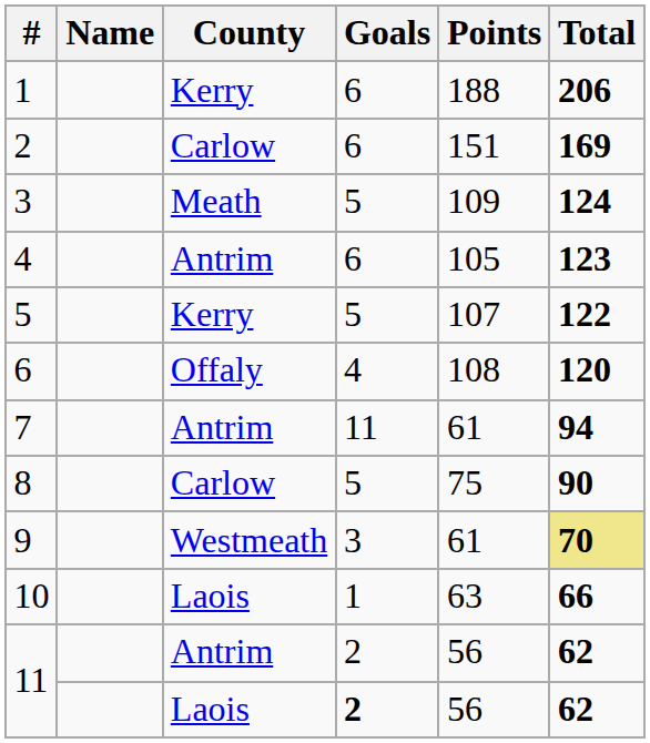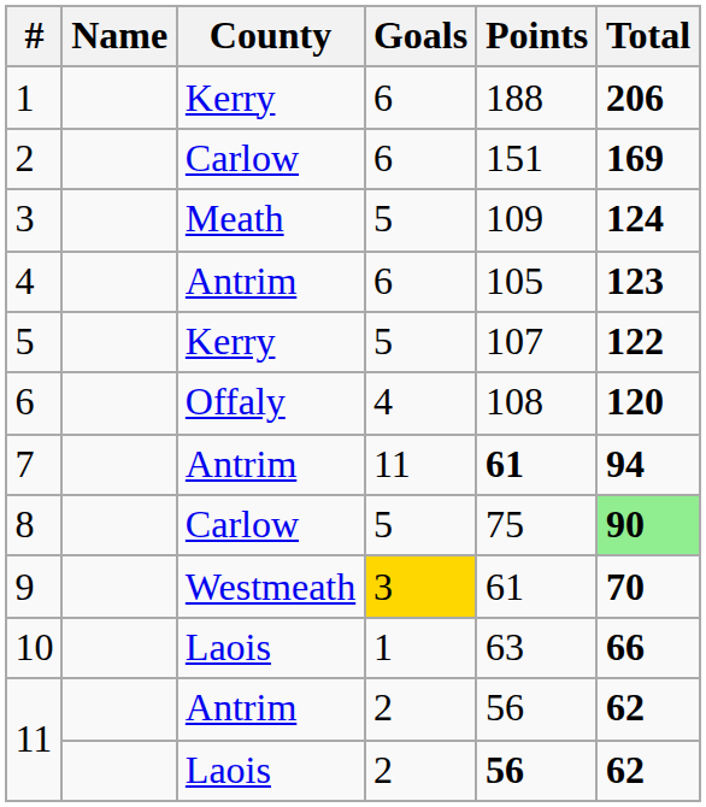 <table class="wikitable sortable">
 <tr>
 <th>#</th>
 <th>Name</th>
 <th>County</th>
 <th>Goals</th>
 <th>Points</th>
 <th>Total</th>
 </tr>
 <tr>
 <td>1</td>
 <td> </td>
 <td><a href='#'>Kerry</a></td>
 <td>6</td>
 <td>188</td>
 <td><strong>206</strong></td>
 </tr>
 <tr>
 <td>2</td>
 <td> </td>
 <td><a href='#'>Carlow</a></td>
 <td>6</td>
 <td>151</td>
 <td><strong>169</strong></td>
 </tr>
 <tr>
 <td>3</td>
 <td> </td>
 <td><a href='#'>Meath</a></td>
 <td>5</td>
 <td>109</td>
 <td><strong>124</strong></td>
 </tr>
 <tr>
 <td>4</td>
 <td> </td>
 <td><a href='#'>Antrim</a></td>
 <td>6</td>
 <td>105</td>
 <td><strong>123</strong></td>
 </tr>
 <tr>
 <td>5</td>
 <td> </td>
 <td><a href='#'>Kerry</a></td>
 <td>5</td>
 <td>107</td>
 <td><strong>122</strong></td>
 </tr>
 <tr>
 <td>6</td>
 <td> </td>
 <td><a href='#'>Offaly</a></td>
 <td>4</td>
 <td>108</td>
 <td><strong>120</strong></td>
 </tr>
 <tr>
 <td>7</td>
 <td> </td>
 <td><a href='#'>Antrim</a></td>
 <td>11</td>
-<td>61</td>
+<td><strong>61</strong></td>
 <td><strong>94</strong></td>
 </tr>
 <tr>
 <td>8</td>
 <td> </td>
 <td><a href='#'>Carlow</a></td>
 <td>5</td>
 <td>75</td>
-<td><strong>90</strong></td>
+<td style="background: lightgreen;"><strong>90</strong></td>
 </tr>
 <tr>
 <td>9</td>
 <td> </td>
 <td><a href='#'>Westmeath</a></td>
-<td>3</td>
+<td style="background: gold;">3</td>
 <td>61</td>
-<td style="background: khaki;"><strong>70</strong></td>
+<td><strong>70</strong></td>
 </tr>
 <tr>
 <td>10</td>
 <td> </td>
 <td><a href='#'>Laois</a></td>
 <td>1</td>
 <td>63</td>
 <td><strong>66</strong></td>
 </tr>
 <tr>
 <td rowspan=2>11</td>
 <td> </td>
 <td><a href='#'>Antrim</a></td>
 <td>2</td>
 <td>56</td>
 <td><strong>62</strong></td>
 </tr>
 <tr>
 <td> </td>
 <td><a href='#'>Laois</a></td>
-<td><strong>2</strong></td>
-<td>56</td>
+<td>2</td>
+<td><strong>56</strong></td>
 <td><strong>62</strong></td>
 </tr>
 </table>
